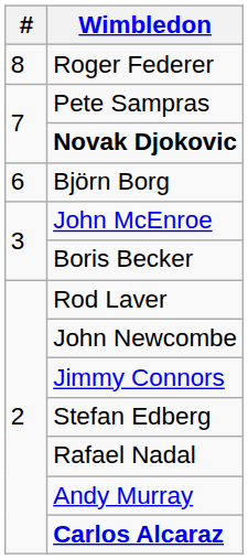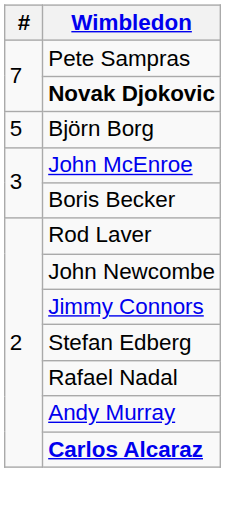 <table class="wikitable" style="display:inline-table;">
 <tr>
 <th width=20>#</th>
 <th><a href='#'>Wimbledon</a></th>
-</tr>
-<tr>
-<td>8</td>
-<td> Roger Federer</td>
 </tr>
 <tr>
 <td rowspan="2">7</td>
 <td> Pete Sampras</td>
 </tr>
 <tr>
 <td><strong> Novak Djokovic</strong></td>
 </tr>
 <tr>
-<td>6</td>
+<td>5</td>
 <td> Björn Borg</td>
 </tr>
 <tr>
 <td rowspan="2">3</td>
 <td> <a href='#'>John McEnroe</a></td>
 </tr>
 <tr>
 <td> Boris Becker</td>
 </tr>
 <tr>
 <td rowspan="7">2</td>
 <td> Rod Laver</td>
 </tr>
 <tr>
 <td> John Newcombe</td>
 </tr>
 <tr>
 <td> <a href='#'>Jimmy Connors</a></td>
 </tr>
 <tr>
 <td> Stefan Edberg</td>
 </tr>
 <tr>
 <td> Rafael Nadal</td>
 </tr>
 <tr>
 <td> <a href='#'>Andy Murray</a></td>
 </tr>
 <tr>
 <td><strong> <a href='#'>Carlos Alcaraz</a></strong></td>
 </tr>
 </table>
